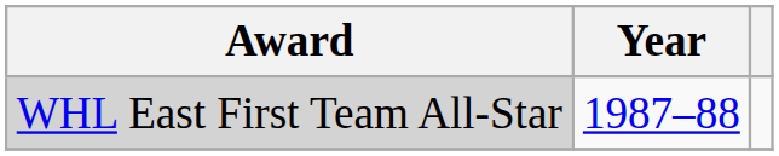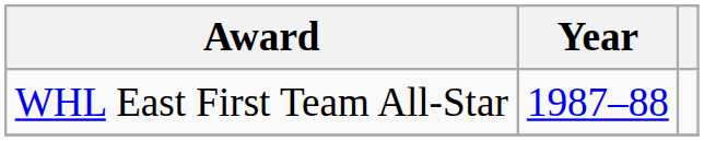 <table class="wikitable">
 <tr>
 <th>Award</th>
 <th>Year</th>
 <th></th>
 </tr>
 <tr>
-<td style="background: lightgrey;"><a href='#'>WHL</a> East First Team All-Star</td>
+<td><a href='#'>WHL</a> East First Team All-Star</td>
 <td><a href='#'>1987–88</a></td>
 <td></td>
 </tr>
 <tr>
 </tr>
 </table>
